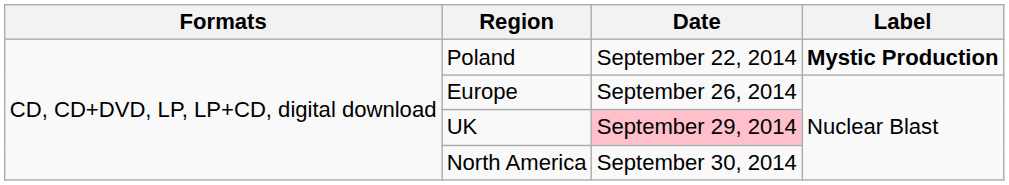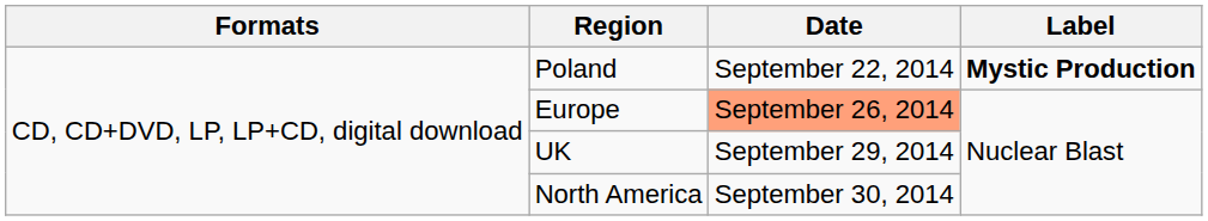 <table class="wikitable plainrowheaders">
 <tr>
 <th scope="col">Formats</th>
 <th scope="col">Region</th>
 <th scope="col">Date</th>
 <th scope="col">Label</th>
 </tr>
 <tr>
 <td rowspan=4>CD, CD+DVD, LP, LP+CD, digital download</td>
 <td>Poland</td>
 <td>September 22, 2014</td>
 <td><strong>Mystic Production</strong></td>
 </tr>
 <tr>
 <td>Europe</td>
-<td>September 26, 2014</td>
+<td style="background: lightsalmon;">September 26, 2014</td>
 <td rowspan=3>Nuclear Blast</td>
 </tr>
 <tr>
 <td>UK</td>
-<td style="background: pink;">September 29, 2014</td>
+<td>September 29, 2014</td>
 </tr>
 <tr>
 <td>North America</td>
 <td>September 30, 2014</td>
 </tr>
 </table>
